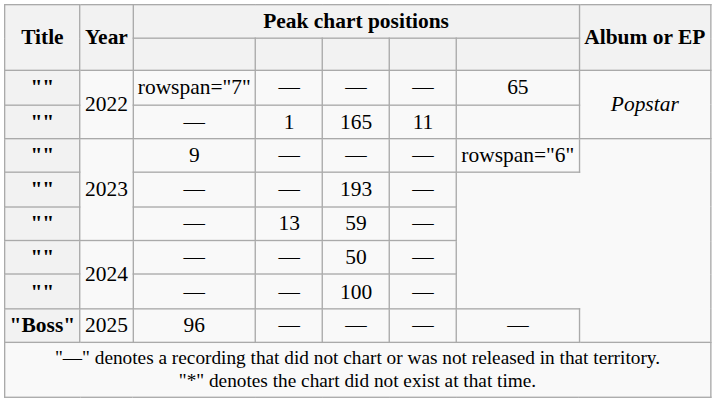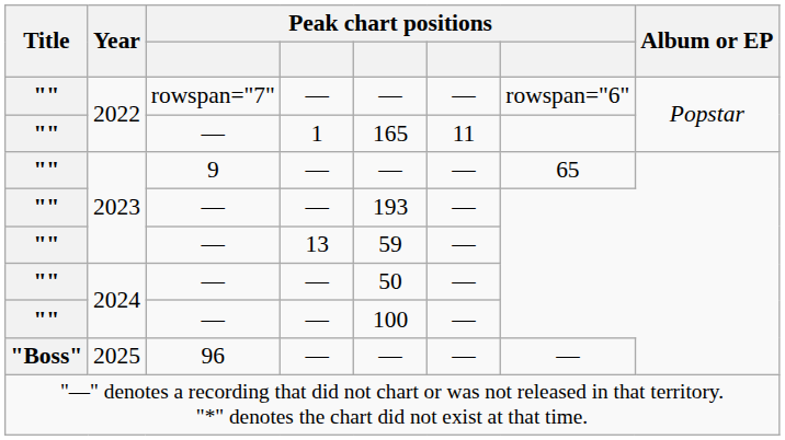 <table class="wikitable plainrowheaders" style="text-align:center;">
 <tr>
 <th scope="col" rowspan="2">Title</th>
 <th scope="col" rowspan="2" style="width:1em;">Year</th>
 <th colspan="5">Peak chart positions</th>
 <th scope="col" rowspan="2">Album or EP</th>
 </tr>
 <tr>
 <th scope="col" style="width:3em;font-size:90%;"><a href='#'></a><br></th>
 <th scope="col" style="width:3em;font-size:90%;"><a href='#'></a><br></th>
 <th scope="col" style="width:3em;font-size:90%;"><a href='#'></a><br></th>
 <th scope="col" style="width:3em;font-size:90%;"><a href='#'></a><br></th>
 <th scope="col" style="width:3em;font-size:90%;"><a href='#'></a><br></th>
 </tr>
 <tr>
 <th scope="row">""</th>
 <td rowspan="2">2022</td>
 <td>rowspan="7" </td>
 <td>—</td>
 <td>—</td>
 <td>—</td>
-<td>65</td>
+<td>rowspan="6" </td>
 <td rowspan="2"><em>Popstar</em></td>
 </tr>
 <tr>
 <th scope="row">""</th>
 <td>—</td>
 <td>1</td>
 <td>165</td>
 <td>11</td>
 </tr>
 <tr>
 <th scope="row">""</th>
 <td rowspan="3">2023</td>
 <td>9</td>
 <td>—</td>
 <td>—</td>
 <td>—</td>
-<td>rowspan="6" </td>
+<td>65</td>
 </tr>
 <tr>
 <th scope="row">""</th>
 <td>—</td>
 <td>—</td>
 <td>193</td>
 <td>—</td>
 </tr>
 <tr>
 <th scope="row">""<br></th>
 <td>—</td>
 <td>13</td>
 <td>59</td>
 <td>—</td>
 </tr>
 <tr>
 <th scope="row">""</th>
 <td rowspan="2">2024</td>
 <td>—</td>
 <td>—</td>
 <td>50</td>
 <td>—</td>
 </tr>
 <tr>
 <th scope="row">""</th>
 <td>—</td>
 <td>—</td>
 <td>100</td>
 <td>—</td>
 </tr>
 <tr>
 <th scope="row">"Boss"</th>
 <td>2025</td>
 <td>96</td>
 <td>—</td>
 <td>—</td>
 <td>—</td>
 <td>—</td>
 </tr>
 <tr>
 <td colspan="8" style="font-size:90%">"—" denotes a recording that did not chart or was not released in that territory.<br>"*" denotes the chart did not exist at that time.</td>
 </tr>
 </table>
